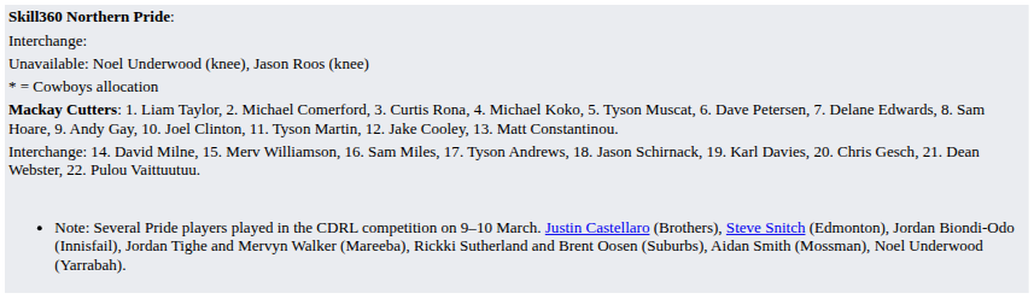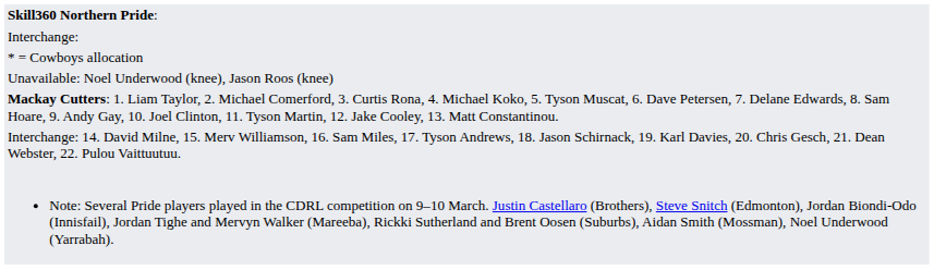 <table style="background:#eaecf0; font-size:85%; width:100%;">
 <tr>
 <td><strong>Skill360 Northern Pride</strong>:             </td>
 </tr>
 <tr>
 <td>Interchange:       </td>
 </tr>
 <tr>
-<td>Unavailable: Noel Underwood (knee), Jason Roos (knee)</td>
+<td>* = Cowboys allocation</td>
 </tr>
 <tr>
-<td>* = Cowboys allocation</td>
+<td>Unavailable: Noel Underwood (knee), Jason Roos (knee)</td>
 </tr>
 <tr>
 <td><strong>Mackay Cutters</strong>: 1. Liam Taylor, 2. Michael Comerford, 3. Curtis Rona, 4. Michael Koko, 5. Tyson Muscat, 6. Dave Petersen, 7. Delane Edwards, 8. Sam Hoare, 9. Andy Gay, 10. Joel Clinton, 11. Tyson Martin, 12. Jake Cooley, 13. Matt Constantinou.</td>
 </tr>
 <tr>
 <td>Interchange: 14. David Milne, 15. Merv Williamson, 16. Sam Miles, 17. Tyson Andrews, 18. Jason Schirnack, 19. Karl Davies, 20. Chris Gesch, 21. Dean Webster, 22. Pulou Vaittuutuu.</td>
 </tr>
 <tr>
 <td><br><ul><li>Note: Several Pride players played in the CDRL competition on 9–10 March. <a href='#'>Justin Castellaro</a> (Brothers), <a href='#'>Steve Snitch</a> (Edmonton), Jordan Biondi-Odo (Innisfail), Jordan Tighe and Mervyn Walker (Mareeba), Rickki Sutherland and Brent Oosen (Suburbs), Aidan Smith (Mossman), Noel Underwood (Yarrabah).</li></ul></td>
 </tr>
 </table>
